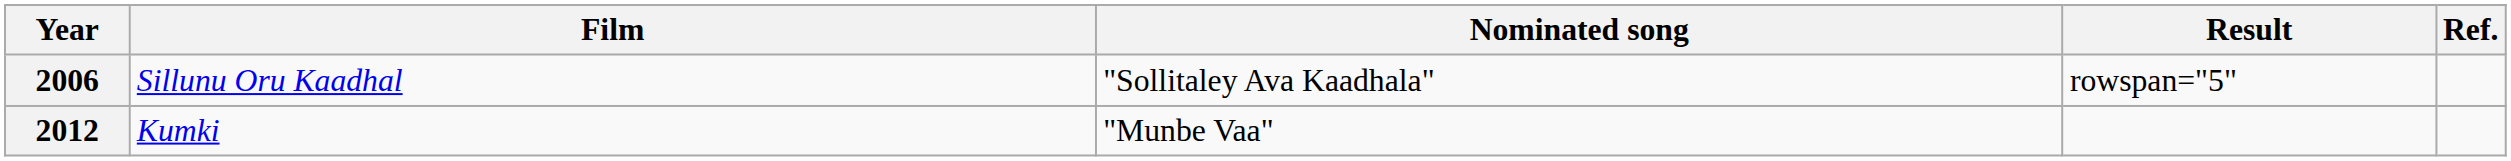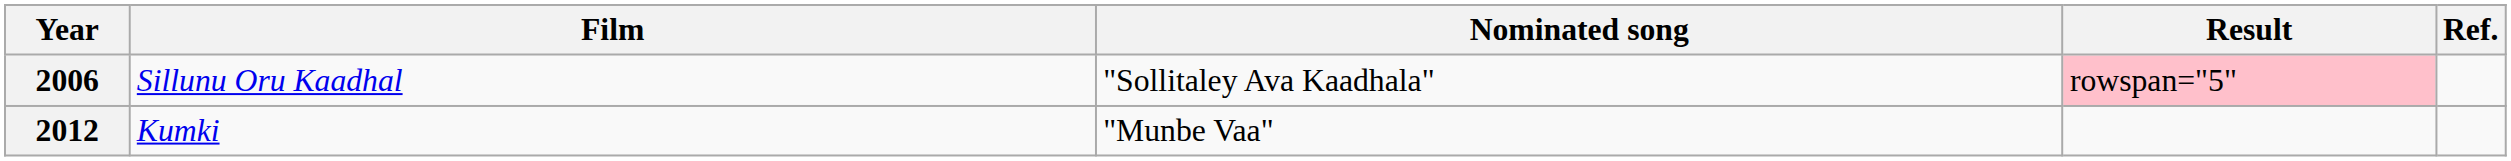 <table class="wikitable plainrowheaders" width="100%" textcolor:#000;">
 <tr>
 <th scope="col" width=5%><strong>Year</strong></th>
 <th scope="col" width=39%><strong>Film</strong></th>
 <th scope="col" width=39%><strong>Nominated song</strong></th>
 <th scope="col" width=15%><strong>Result</strong></th>
 <th scope="col" width=2%><strong>Ref.</strong></th>
 </tr>
 <tr>
 <th scope="row">2006</th>
 <td><em><a href='#'>Sillunu Oru Kaadhal</a></em></td>
 <td>"Sollitaley Ava Kaadhala"</td>
-<td>rowspan="5" </td>
+<td style="background: pink;">rowspan="5" </td>
 <td></td>
 </tr>
 <tr>
 <th scope="row">2012</th>
 <td><em><a href='#'>Kumki</a></em></td>
 <td>"Munbe Vaa"</td>
 <td></td>
 </tr>
 </table>
